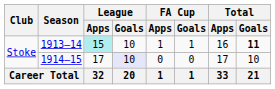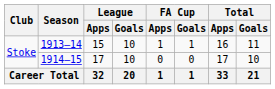 <table class="wikitable" style="text-align: center;">
 <tr>
 <th rowspan="2">Club</th>
 <th rowspan="2">Season</th>
 <th colspan="2">League</th>
 <th colspan="2">FA Cup</th>
 <th colspan="2">Total</th>
 </tr>
 <tr>
 <th>Apps</th>
 <th>Goals</th>
 <th>Apps</th>
 <th>Goals</th>
 <th>Apps</th>
 <th>Goals</th>
 </tr>
 <tr>
 <td rowspan="2"><a href='#'>Stoke</a></td>
 <td><a href='#'>1913–14</a></td>
-<td style="background: paleturquoise;">15</td>
+<td>15</td>
 <td>10</td>
 <td>1</td>
 <td>1</td>
 <td>16</td>
-<td><strong>11</strong></td>
+<td>11</td>
 </tr>
 <tr>
 <td><a href='#'>1914–15</a></td>
 <td>17</td>
-<td style="background: lavender;">10</td>
+<td>10</td>
 <td>0</td>
 <td>0</td>
 <td>17</td>
 <td>10</td>
 </tr>
 <tr>
 <th colspan="2">Career Total</th>
 <th>32</th>
 <th>20</th>
 <th>1</th>
 <th>1</th>
 <th>33</th>
 <th>21</th>
 </tr>
 </table>
